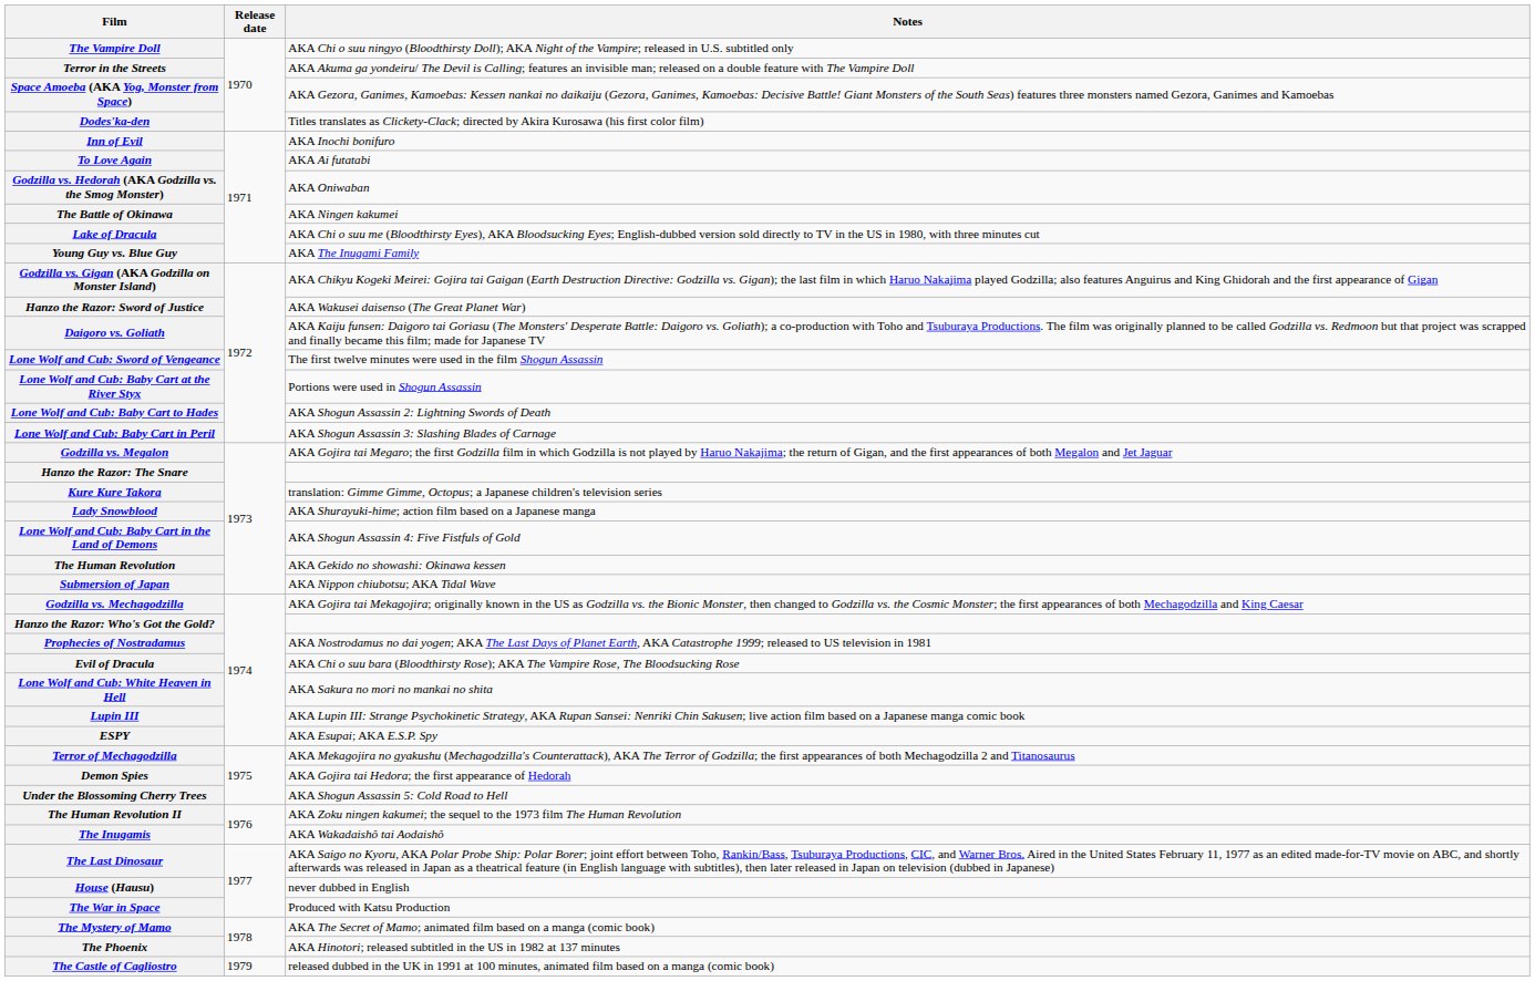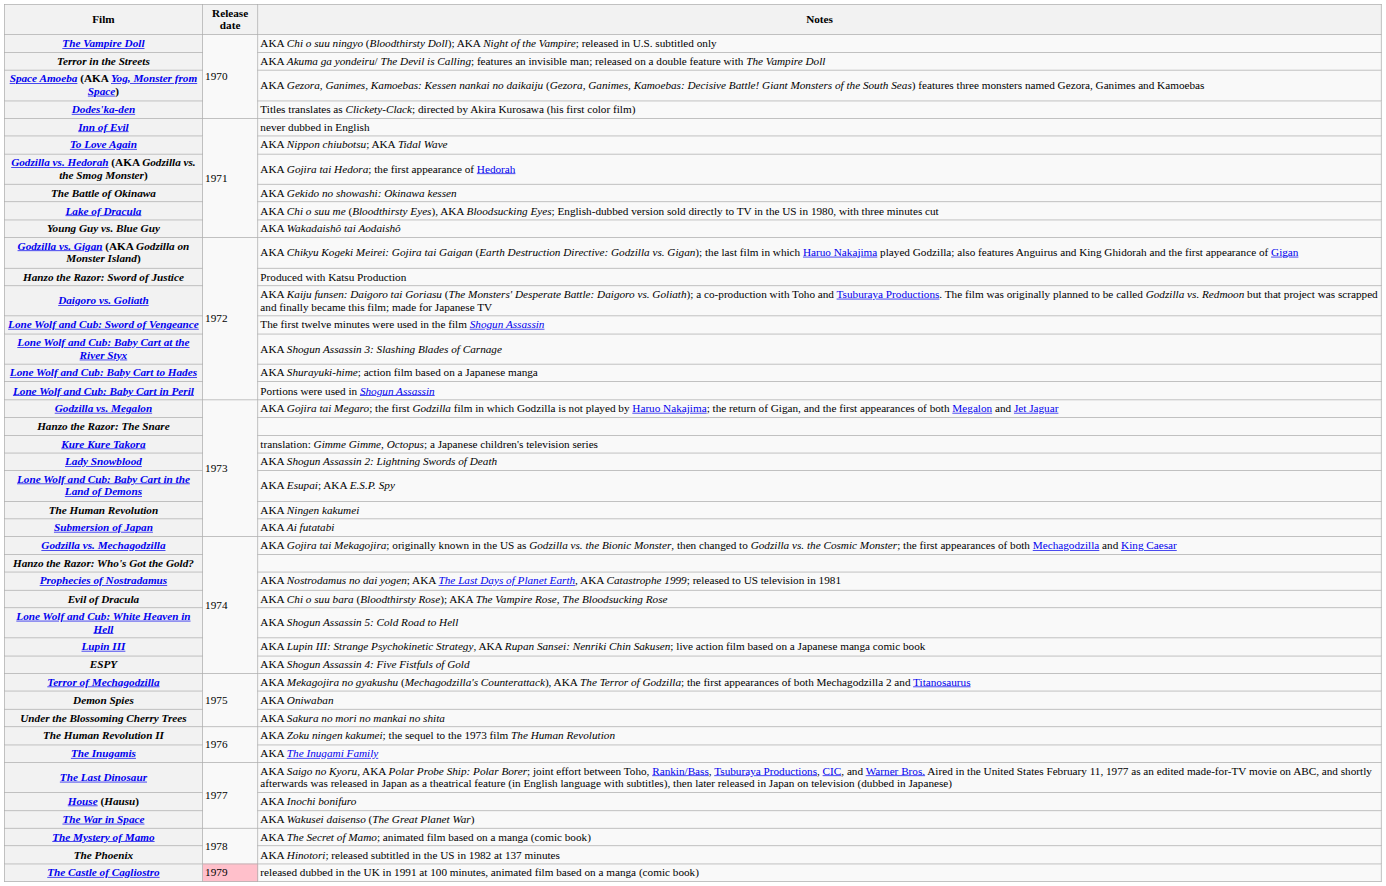 <table class="wikitable">
 <tr>
 <th>Film</th>
 <th>Release date</th>
 <th>Notes</th>
 </tr>
 <tr>
 <th scope="row"><em><a href='#'>The Vampire Doll</a></em></th>
 <td rowspan="4">1970</td>
 <td>AKA <em>Chi o suu ningyo</em> (<em>Bloodthirsty Doll</em>); AKA <em>Night of the Vampire</em>; released in U.S. subtitled only</td>
 </tr>
 <tr>
 <th scope="row"><em>Terror in the Streets</em></th>
 <td>AKA <em>Akuma ga yondeiru</em>/ <em>The Devil is Calling</em>; features an invisible man; released on a double feature with <em>The Vampire Doll</em></td>
 </tr>
 <tr>
 <th scope="row"><em><a href='#'>Space Amoeba</a></em> (AKA <em><a href='#'>Yog, Monster from Space</a></em>)</th>
 <td>AKA <em>Gezora, Ganimes, Kamoebas: Kessen nankai no daikaiju</em> (<em>Gezora, Ganimes, Kamoebas: Decisive Battle! Giant Monsters of the South Seas</em>) features three monsters named Gezora, Ganimes and Kamoebas</td>
 </tr>
 <tr>
 <th scope="row"><em><a href='#'>Dodes'ka-den</a></em></th>
 <td>Titles translates as <em>Clickety-Clack</em>; directed by Akira Kurosawa (his first color film)</td>
 </tr>
 <tr>
 <th scope="row"><em><a href='#'>Inn of Evil</a></em></th>
 <td rowspan="6">1971</td>
-<td>AKA <em>Inochi bonifuro</em></td>
+<td>never dubbed in English</td>
 </tr>
 <tr>
 <th scope="row"><em><a href='#'>To Love Again</a></em></th>
-<td>AKA <em>Ai futatabi</em></td>
+<td>AKA <em>Nippon chiubotsu</em>; AKA <em>Tidal Wave</em></td>
 </tr>
 <tr>
 <th scope="row"><em><a href='#'>Godzilla vs. Hedorah</a></em> (AKA <em>Godzilla vs. the Smog Monster</em>)</th>
-<td>AKA <em>Oniwaban</em></td>
+<td>AKA <em>Gojira tai Hedora</em>; the first appearance of <a href='#'>Hedorah</a></td>
 </tr>
 <tr>
 <th scope="row"><em>The Battle of Okinawa</em></th>
-<td>AKA <em>Ningen kakumei</em></td>
+<td>AKA <em>Gekido no showashi: Okinawa kessen</em></td>
 </tr>
 <tr>
 <th scope="row"><em><a href='#'>Lake of Dracula</a></em></th>
 <td>AKA <em>Chi o suu me</em> (<em>Bloodthirsty Eyes</em>), AKA <em>Bloodsucking Eyes</em>;  English-dubbed version sold directly to TV in the US in 1980, with three minutes cut</td>
 </tr>
 <tr>
 <th scope="row"><em>Young Guy vs. Blue Guy</em></th>
-<td>AKA <em><a href='#'>The Inugami Family</a></em></td>
+<td>AKA <em>Wakadaishô tai Aodaishô</em></td>
 </tr>
 <tr>
 <th scope="row"><em><a href='#'>Godzilla vs. Gigan</a></em> (AKA <em>Godzilla on Monster Island</em>)</th>
 <td rowspan="7">1972</td>
 <td>AKA <em>Chikyu Kogeki Meirei: Gojira tai Gaigan</em> (<em>Earth Destruction Directive: Godzilla vs. Gigan</em>); the last film in which <a href='#'>Haruo Nakajima</a> played Godzilla; also features Anguirus and King Ghidorah and the first appearance of <a href='#'>Gigan</a></td>
 </tr>
 <tr>
 <th scope="row"><em>Hanzo the Razor: Sword of Justice</em></th>
-<td>AKA <em>Wakusei daisenso</em> (<em>The Great Planet War</em>)</td>
+<td>Produced with Katsu Production</td>
 </tr>
 <tr>
 <th scope="row"><em><a href='#'>Daigoro vs. Goliath</a></em></th>
 <td>AKA <em>Kaiju funsen: Daigoro tai Goriasu</em> (<em>The Monsters' Desperate Battle: Daigoro vs. Goliath</em>); a co-production with Toho and <a href='#'>Tsuburaya Productions</a>. The film was originally planned to be called <em>Godzilla vs. Redmoon</em> but that project was scrapped and finally became this film; made for Japanese TV</td>
 </tr>
 <tr>
 <th scope="row"><em><a href='#'>Lone Wolf and Cub: Sword of Vengeance</a></em></th>
 <td>The first twelve minutes were used in the film <em><a href='#'>Shogun Assassin</a></em></td>
 </tr>
 <tr>
 <th scope="row"><em><a href='#'>Lone Wolf and Cub: Baby Cart at the River Styx</a></em></th>
-<td>Portions were used in <em><a href='#'>Shogun Assassin</a></em></td>
+<td>AKA <em>Shogun Assassin 3: Slashing Blades of Carnage</em></td>
 </tr>
 <tr>
 <th scope="row"><em><a href='#'>Lone Wolf and Cub: Baby Cart to Hades</a></em></th>
-<td>AKA <em>Shogun Assassin 2: Lightning Swords of Death</em></td>
+<td>AKA <em>Shurayuki-hime</em>;  action film based on a Japanese manga</td>
 </tr>
 <tr>
 <th scope="row"><em><a href='#'>Lone Wolf and Cub: Baby Cart in Peril</a></em></th>
-<td>AKA <em>Shogun Assassin 3: Slashing Blades of Carnage</em></td>
+<td>Portions were used in <em><a href='#'>Shogun Assassin</a></em></td>
 </tr>
 <tr>
 <th scope="row"><em><a href='#'>Godzilla vs. Megalon</a></em></th>
 <td rowspan="7">1973</td>
 <td>AKA <em>Gojira tai Megaro</em>; the first <em>Godzilla</em> film in which Godzilla is not played by <a href='#'>Haruo Nakajima</a>; the return of Gigan, and the first appearances of both <a href='#'>Megalon</a> and <a href='#'>Jet Jaguar</a></td>
 </tr>
 <tr>
 <th scope="row"><em>Hanzo the Razor: The Snare</em></th>
 </tr>
 <tr>
 <th scope="row"><em><a href='#'>Kure Kure Takora</a></em></th>
 <td>translation: <em>Gimme Gimme, Octopus</em>;  a Japanese children's television series</td>
 </tr>
 <tr>
 <th scope="row"><em><a href='#'>Lady Snowblood</a></em></th>
-<td>AKA <em>Shurayuki-hime</em>;  action film based on a Japanese manga</td>
+<td>AKA <em>Shogun Assassin 2: Lightning Swords of Death</em></td>
 </tr>
 <tr>
 <th scope="row"><em><a href='#'>Lone Wolf and Cub: Baby Cart in the Land of Demons</a></em></th>
-<td>AKA <em>Shogun Assassin 4: Five Fistfuls of Gold</em></td>
+<td>AKA <em>Esupai</em>; AKA <em>E.S.P. Spy</em></td>
 </tr>
 <tr>
 <th scope="row"><em>The Human Revolution</em></th>
-<td>AKA <em>Gekido no showashi: Okinawa kessen</em></td>
+<td>AKA <em>Ningen kakumei</em></td>
 </tr>
 <tr>
 <th scope="row"><em><a href='#'>Submersion of Japan</a></em></th>
-<td>AKA <em>Nippon chiubotsu</em>; AKA <em>Tidal Wave</em></td>
+<td>AKA <em>Ai futatabi</em></td>
 </tr>
 <tr>
 <th scope="row"><em><a href='#'>Godzilla vs. Mechagodzilla</a></em></th>
 <td rowspan="7">1974</td>
 <td>AKA <em>Gojira tai Mekagojira</em>; originally known in the US as <em>Godzilla vs. the Bionic Monster</em>, then changed to <em>Godzilla vs. the Cosmic Monster</em>; the first appearances of both <a href='#'>Mechagodzilla</a> and <a href='#'>King Caesar</a></td>
 </tr>
 <tr>
 <th scope="row"><em>Hanzo the Razor: Who's Got the Gold?</em></th>
 </tr>
 <tr>
 <th scope="row"><em><a href='#'>Prophecies of Nostradamus</a></em></th>
 <td>AKA <em>Nostrodamus no dai yogen</em>; AKA <em><a href='#'>The Last Days of Planet Earth</a></em>, AKA <em>Catastrophe 1999</em>; released to US television in 1981</td>
 </tr>
 <tr>
 <th scope="row"><em>Evil of Dracula</em></th>
 <td>AKA <em>Chi o suu bara</em> (<em>Bloodthirsty Rose</em>); AKA <em>The Vampire Rose</em>, <em>The Bloodsucking Rose</em></td>
 </tr>
 <tr>
 <th scope="row"><em><a href='#'>Lone Wolf and Cub: White Heaven in Hell</a></em></th>
-<td>AKA <em>Sakura no mori no mankai no shita</em></td>
+<td>AKA <em>Shogun Assassin 5: Cold Road to Hell</em></td>
 </tr>
 <tr>
 <th scope="row"><em><a href='#'>Lupin III</a></em></th>
 <td>AKA <em>Lupin III: Strange Psychokinetic Strategy</em>, AKA <em>Rupan Sansei: Nenriki Chin Sakusen</em>; live action film based on a Japanese manga comic book</td>
 </tr>
 <tr>
 <th scope="row"><em>ESPY</em></th>
-<td>AKA <em>Esupai</em>; AKA <em>E.S.P. Spy</em></td>
+<td>AKA <em>Shogun Assassin 4: Five Fistfuls of Gold</em></td>
 </tr>
 <tr>
 <th scope="row"><em><a href='#'>Terror of Mechagodzilla</a></em></th>
 <td rowspan="3">1975</td>
 <td>AKA <em>Mekagojira no gyakushu</em> (<em>Mechagodzilla's Counterattack</em>), AKA <em>The Terror of Godzilla</em>; the first appearances of both Mechagodzilla 2 and <a href='#'>Titanosaurus</a></td>
 </tr>
 <tr>
 <th scope="row"><em>Demon Spies</em></th>
-<td>AKA <em>Gojira tai Hedora</em>; the first appearance of <a href='#'>Hedorah</a></td>
+<td>AKA <em>Oniwaban</em></td>
 </tr>
 <tr>
 <th scope="row"><em>Under the Blossoming Cherry Trees</em></th>
-<td>AKA <em>Shogun Assassin 5: Cold Road to Hell</em></td>
+<td>AKA <em>Sakura no mori no mankai no shita</em></td>
 </tr>
 <tr>
 <th scope="row"><em>The Human Revolution II</em></th>
 <td rowspan="2">1976</td>
 <td>AKA <em>Zoku ningen kakumei</em>; the sequel to the 1973 film <em>The Human Revolution</em></td>
 </tr>
 <tr>
 <th scope="row"><em><a href='#'>The Inugamis</a></em></th>
-<td>AKA <em>Wakadaishô tai Aodaishô</em></td>
+<td>AKA <em><a href='#'>The Inugami Family</a></em></td>
 </tr>
 <tr>
 <th scope="row"><em><a href='#'>The Last Dinosaur</a></em></th>
 <td rowspan="3">1977</td>
 <td>AKA <em>Saigo no Kyoru</em>, AKA <em>Polar Probe Ship: Polar Borer</em>; joint effort between Toho, <a href='#'>Rankin/Bass</a>, <a href='#'>Tsuburaya Productions</a>, <a href='#'>CIC</a>, and <a href='#'>Warner Bros.</a> Aired in the United States February 11, 1977 as an edited made-for-TV movie on ABC, and shortly afterwards was released in Japan as a theatrical feature (in English language with subtitles), then later released in Japan on television (dubbed in Japanese)</td>
 </tr>
 <tr>
 <th scope="row"><em><a href='#'>House</a></em> (<em>Hausu</em>)</th>
-<td>never dubbed in English</td>
+<td>AKA <em>Inochi bonifuro</em></td>
 </tr>
 <tr>
 <th scope="row"><em><a href='#'>The War in Space</a></em></th>
-<td>Produced with Katsu Production</td>
+<td>AKA <em>Wakusei daisenso</em> (<em>The Great Planet War</em>)</td>
 </tr>
 <tr>
 <th scope="row"><em><a href='#'>The Mystery of Mamo</a></em></th>
 <td rowspan="2">1978</td>
 <td>AKA <em>The Secret of Mamo</em>;  animated film based on a manga (comic book)</td>
 </tr>
 <tr>
 <th scope="row"><em>The Phoenix</em></th>
 <td>AKA <em>Hinotori</em>; released subtitled in the US in 1982 at 137 minutes</td>
 </tr>
 <tr>
 <th scope="row"><em><a href='#'>The Castle of Cagliostro</a></em></th>
-<td>1979</td>
+<td style="background: pink;">1979</td>
 <td>released dubbed in the UK in 1991 at 100 minutes, animated film based on a manga (comic book)</td>
 </tr>
 </table>
